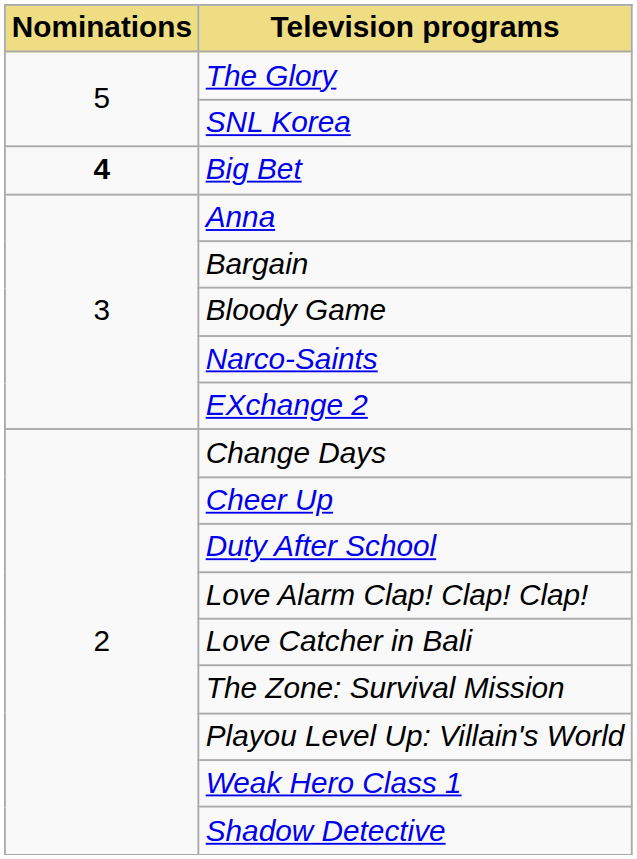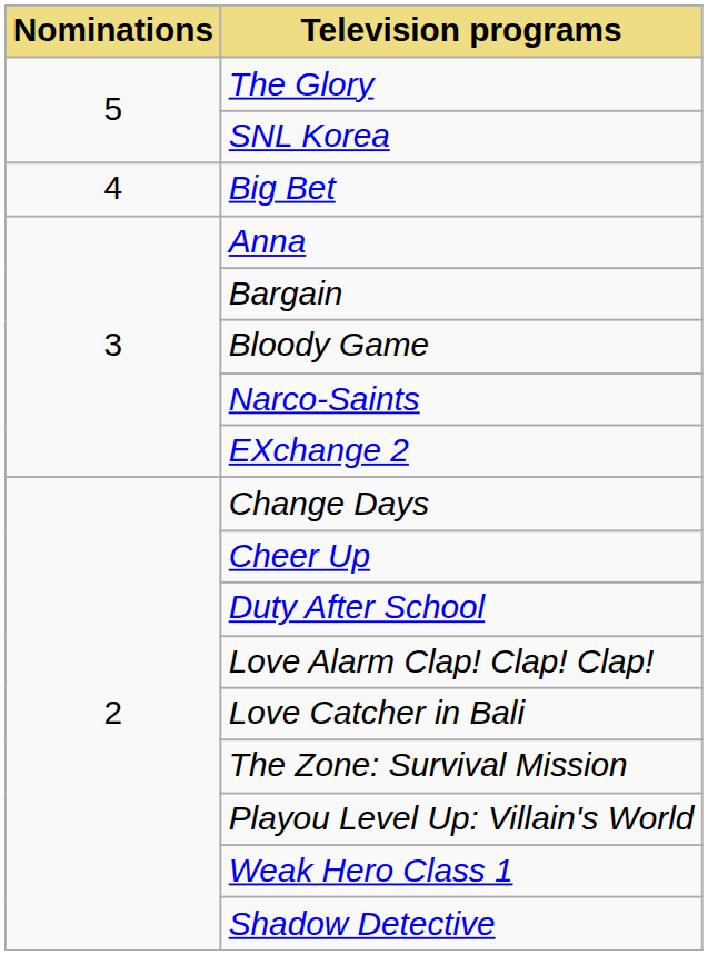 <table class="wikitable">
 <tr>
 <th style="background:#EEDD82; text-align:center">Nominations</th>
 <th style="background:#EEDD82; text-align:center">Television programs</th>
 </tr>
 <tr>
 <td rowspan=2 style="text-align:center">5</td>
 <td><em><a href='#'>The Glory</a></em></td>
 </tr>
 <tr>
 <td><em><a href='#'>SNL Korea</a></em></td>
 </tr>
 <tr>
-<td style="text-align:center"><strong>4</strong></td>
+<td style="text-align:center">4</td>
 <td><em><a href='#'>Big Bet</a></em></td>
 </tr>
 <tr>
 <td rowspan=5 style="text-align:center">3</td>
 <td><em><a href='#'>Anna</a></em></td>
 </tr>
 <tr>
 <td><em>Bargain</em></td>
 </tr>
 <tr>
 <td><em>Bloody Game</em></td>
 </tr>
 <tr>
 <td><em><a href='#'>Narco-Saints</a></em></td>
 </tr>
 <tr>
 <td><em><a href='#'>EXchange 2</a></em></td>
 </tr>
 <tr>
 <td rowspan=9 style="text-align:center">2</td>
 <td><em>Change Days</em></td>
 </tr>
 <tr>
 <td><em><a href='#'>Cheer Up</a></em></td>
 </tr>
 <tr>
 <td><em><a href='#'>Duty After School</a></em> </td>
 </tr>
 <tr>
 <td><em>Love Alarm Clap! Clap! Clap!</em></td>
 </tr>
 <tr>
 <td><em>Love Catcher in Bali</em></td>
 </tr>
 <tr>
 <td><em>The Zone: Survival Mission</em></td>
 </tr>
 <tr>
 <td><em>Playou Level Up: Villain's World</em></td>
 </tr>
 <tr>
 <td><em><a href='#'>Weak Hero Class 1</a></em></td>
 </tr>
 <tr>
 <td><em><a href='#'>Shadow Detective</a></em></td>
 </tr>
 </table>
